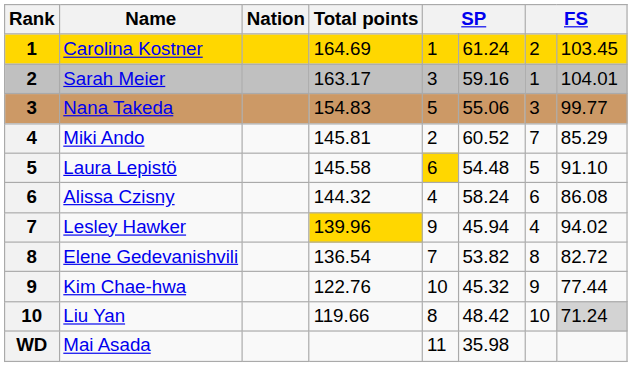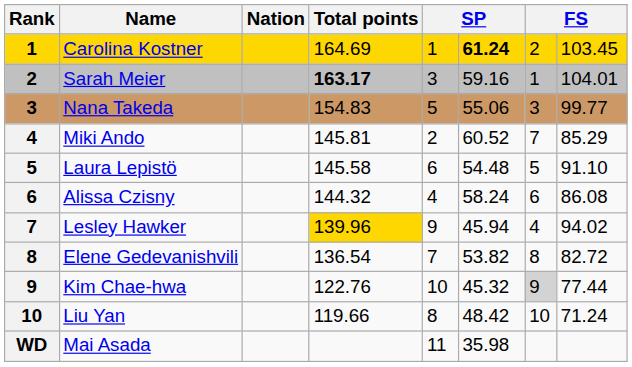 <table class="wikitable">
 <tr>
 <th>Rank</th>
 <th>Name</th>
 <th>Nation</th>
 <th>Total points</th>
 <th colspan="2" width="80px"><a href='#'>SP</a></th>
 <th colspan="2" width="80px"><a href='#'>FS</a></th>
 </tr>
 <tr bgcolor="gold">
 <td align="center"><strong>1</strong></td>
 <td><a href='#'>Carolina Kostner</a></td>
 <td></td>
 <td>164.69</td>
 <td>1</td>
-<td>61.24</td>
+<td><strong>61.24</strong></td>
 <td>2</td>
 <td>103.45</td>
 </tr>
 <tr bgcolor="silver">
 <td align="center"><strong>2</strong></td>
 <td><a href='#'>Sarah Meier</a></td>
 <td></td>
-<td>163.17</td>
+<td><strong>163.17</strong></td>
 <td>3</td>
 <td>59.16</td>
 <td>1</td>
 <td>104.01</td>
 </tr>
 <tr bgcolor="cc9966">
 <td align="center"><strong>3</strong></td>
 <td><a href='#'>Nana Takeda</a></td>
 <td></td>
 <td>154.83</td>
 <td>5</td>
 <td>55.06</td>
 <td>3</td>
 <td>99.77</td>
 </tr>
 <tr>
 <th>4</th>
 <td><a href='#'>Miki Ando</a></td>
 <td></td>
 <td>145.81</td>
 <td>2</td>
 <td>60.52</td>
 <td>7</td>
 <td>85.29</td>
 </tr>
 <tr>
 <th>5</th>
 <td><a href='#'>Laura Lepistö</a></td>
 <td></td>
 <td>145.58</td>
-<td style="background: gold;">6</td>
+<td>6</td>
 <td>54.48</td>
 <td>5</td>
 <td>91.10</td>
 </tr>
 <tr>
 <th>6</th>
 <td><a href='#'>Alissa Czisny</a></td>
 <td></td>
 <td>144.32</td>
 <td>4</td>
 <td>58.24</td>
 <td>6</td>
 <td>86.08</td>
 </tr>
 <tr>
 <th>7</th>
 <td><a href='#'>Lesley Hawker</a></td>
 <td></td>
 <td style="background: gold;">139.96</td>
 <td>9</td>
 <td>45.94</td>
 <td>4</td>
 <td>94.02</td>
 </tr>
 <tr>
 <th>8</th>
 <td><a href='#'>Elene Gedevanishvili</a></td>
 <td></td>
 <td>136.54</td>
 <td>7</td>
 <td>53.82</td>
 <td>8</td>
 <td>82.72</td>
 </tr>
 <tr>
 <th>9</th>
 <td><a href='#'>Kim Chae-hwa</a></td>
 <td></td>
 <td>122.76</td>
 <td>10</td>
 <td>45.32</td>
-<td>9</td>
+<td style="background: lightgrey;">9</td>
 <td>77.44</td>
 </tr>
 <tr>
 <th>10</th>
 <td><a href='#'>Liu Yan</a></td>
 <td></td>
 <td>119.66</td>
 <td>8</td>
 <td>48.42</td>
 <td>10</td>
-<td style="background: lightgrey;">71.24</td>
+<td>71.24</td>
 </tr>
 <tr>
 <th>WD</th>
 <td><a href='#'>Mai Asada</a></td>
 <td></td>
 <td></td>
 <td>11</td>
 <td>35.98</td>
 <td></td>
 <td></td>
 </tr>
 </table>
